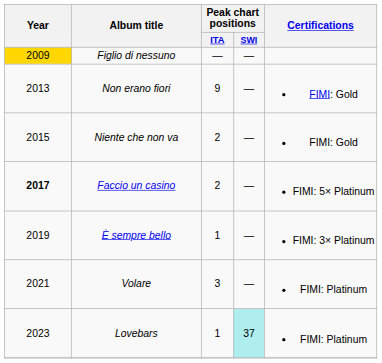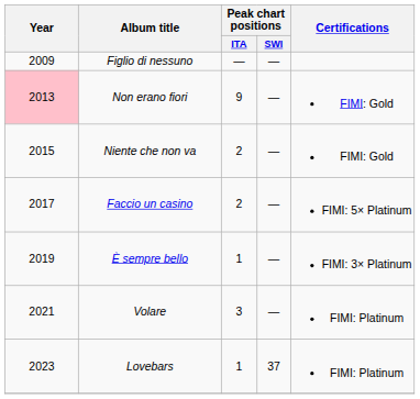 <table class="wikitable plainrowheaders" style="text-align:center;">
 <tr>
 <th scope="col" rowspan="2" style="width:6em;">Year</th>
 <th scope="col" rowspan="2" style="width:12em;">Album title</th>
 <th scope="col" colspan="2">Peak chart positions</th>
 <th scope="col" rowspan="2"><a href='#'>Certifications</a></th>
 </tr>
 <tr>
 <th scope="col" style="width:3em;font-size:90%;"><a href='#'>ITA</a><br></th>
 <th scope="col" style="width:3em;font-size:85%;"><a href='#'>SWI</a><br></th>
 </tr>
 <tr>
-<td style="background: gold;">2009</td>
+<td>2009</td>
 <td><em>Figlio di nessuno</em></td>
 <td>—</td>
 <td>—</td>
 <td></td>
 </tr>
 <tr>
-<td>2013</td>
+<td style="background: pink;">2013</td>
 <td><em>Non erano fiori</em></td>
 <td>9</td>
 <td>—</td>
 <td><br><ul><li><a href='#'>FIMI</a>: Gold</li></ul></td>
 </tr>
 <tr>
 <td>2015</td>
 <td><em>Niente che non va</em></td>
 <td>2</td>
 <td>—</td>
 <td><br><ul><li>FIMI: Gold</li></ul></td>
 </tr>
 <tr>
-<td><strong>2017</strong></td>
+<td>2017</td>
 <td><em><a href='#'>Faccio un casino</a></em></td>
 <td>2</td>
 <td>—</td>
 <td><br><ul><li>FIMI: 5× Platinum</li></ul></td>
 </tr>
 <tr>
 <td>2019</td>
 <td><em><a href='#'>È sempre bello</a></em></td>
 <td>1</td>
 <td>—</td>
 <td><br><ul><li>FIMI: 3× Platinum</li></ul></td>
 </tr>
 <tr>
 <td style="text-align:center;">2021</td>
 <td><em>Volare</em></td>
 <td>3</td>
 <td>—</td>
 <td><br><ul><li>FIMI: Platinum</li></ul></td>
 </tr>
 <tr>
 <td style="text-align:center;">2023</td>
 <td><em>Lovebars</em><br></td>
 <td>1</td>
-<td style="background: paleturquoise;">37</td>
+<td>37</td>
 <td><br><ul><li>FIMI: Platinum</li></ul></td>
 </tr>
 <tr>
 </tr>
 </table>
